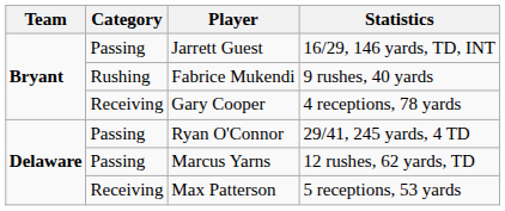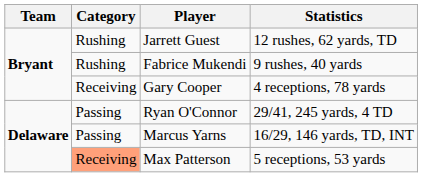 <table class="wikitable" style="float: right;">
 <tr>
 <th>Team</th>
 <th>Category</th>
 <th>Player</th>
 <th>Statistics</th>
 </tr>
 <tr>
 <td rowspan=3><strong>Bryant</strong></td>
-<td>Passing</td>
+<td>Rushing</td>
 <td>Jarrett Guest</td>
-<td>16/29, 146 yards, TD, INT</td>
+<td>12 rushes, 62 yards, TD</td>
 </tr>
 <tr>
 <td>Rushing</td>
 <td>Fabrice Mukendi</td>
 <td>9 rushes, 40 yards</td>
 </tr>
 <tr>
 <td>Receiving</td>
 <td>Gary Cooper</td>
 <td>4 receptions, 78 yards</td>
 </tr>
 <tr>
 <td rowspan=3><strong>Delaware</strong></td>
 <td>Passing</td>
 <td>Ryan O'Connor</td>
 <td>29/41, 245 yards, 4 TD</td>
 </tr>
 <tr>
 <td>Passing</td>
 <td>Marcus Yarns</td>
-<td>12 rushes, 62 yards, TD</td>
+<td>16/29, 146 yards, TD, INT</td>
 </tr>
 <tr>
-<td>Receiving</td>
+<td style="background: lightsalmon;">Receiving</td>
 <td>Max Patterson</td>
 <td>5 receptions, 53 yards</td>
 </tr>
 </table>
